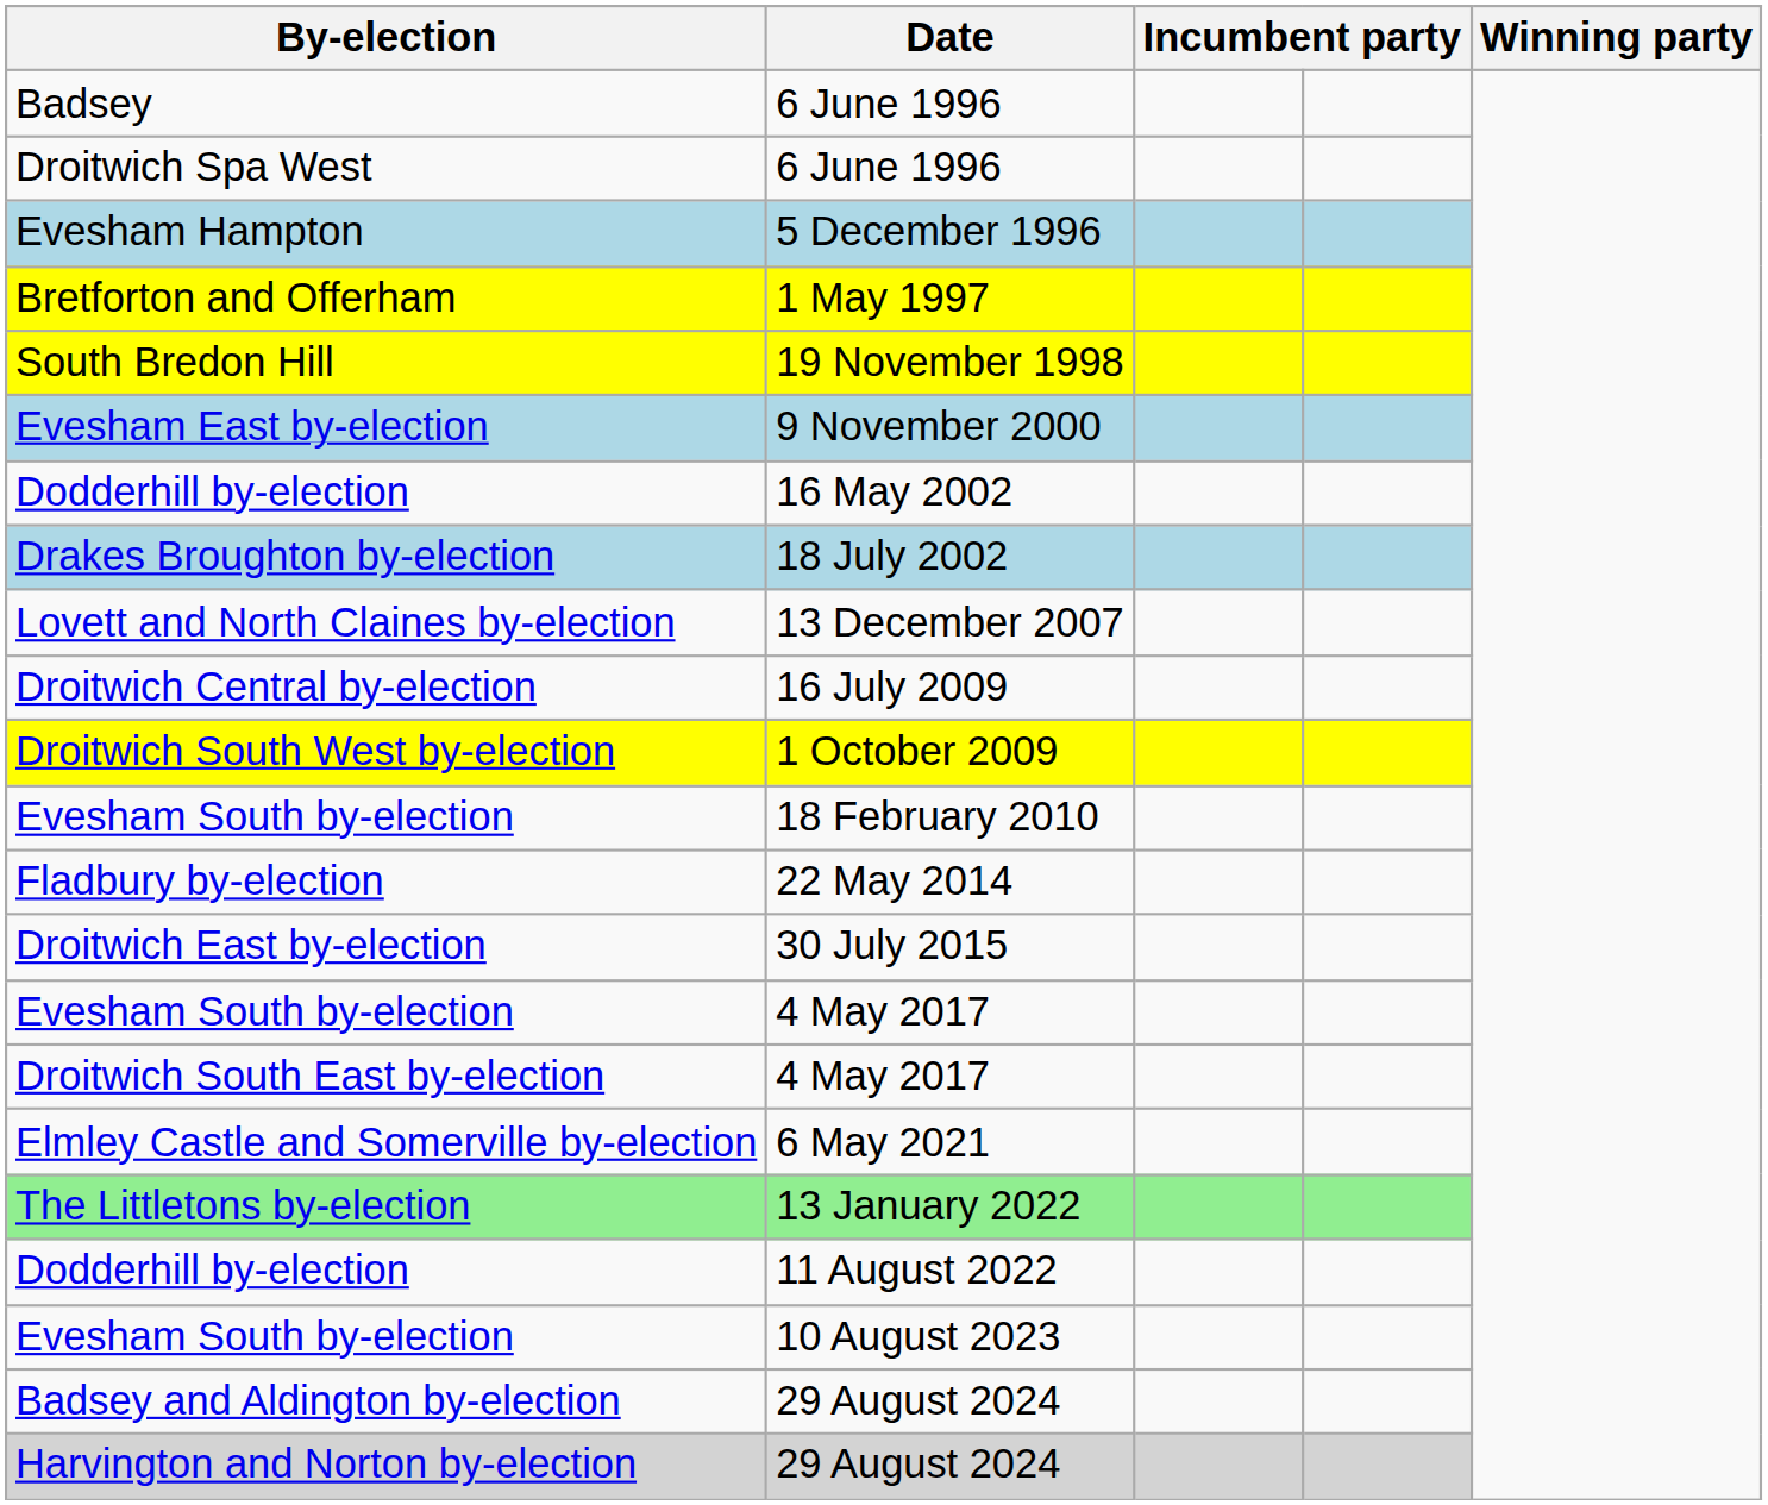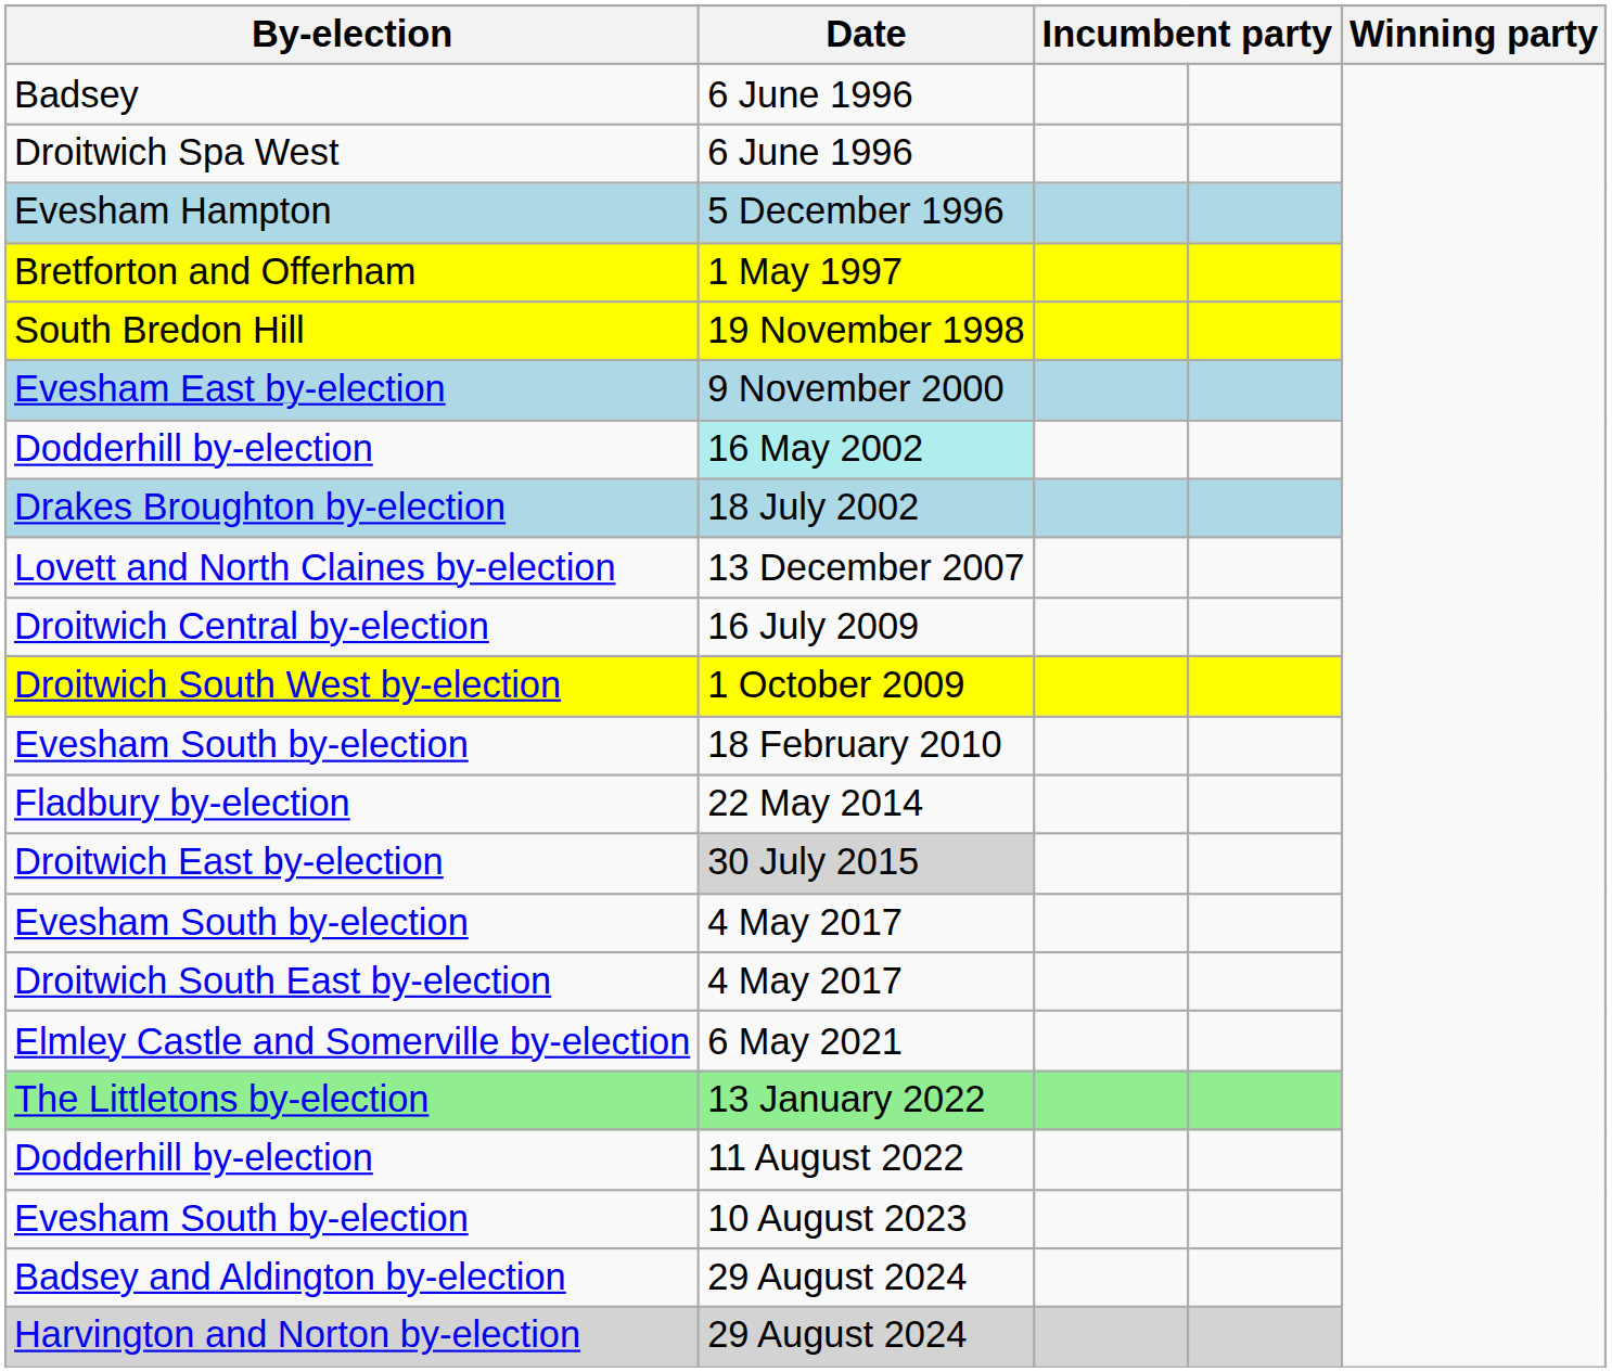 <table class="wikitable">
 <tr>
 <th>By-election</th>
 <th>Date</th>
 <th colspan=2>Incumbent party</th>
 <th colspan=2>Winning party</th>
 </tr>
 <tr>
 <td>Badsey</td>
 <td>6 June 1996</td>
 <td></td>
 <td></td>
 </tr>
 <tr>
 <td>Droitwich Spa West</td>
 <td>6 June 1996</td>
 <td></td>
 <td></td>
 </tr>
 <tr bgcolor=lightblue>
 <td>Evesham Hampton</td>
 <td>5 December 1996</td>
 <td></td>
 <td></td>
 </tr>
 <tr bgcolor=yellow>
 <td>Bretforton and Offerham</td>
 <td>1 May 1997</td>
 <td></td>
 <td></td>
 </tr>
 <tr bgcolor=yellow>
 <td>South Bredon Hill</td>
 <td>19 November 1998</td>
 <td></td>
 <td></td>
 </tr>
 <tr bgcolor=lightblue>
 <td><a href='#'>Evesham East by-election</a></td>
 <td>9 November 2000</td>
 <td></td>
 <td></td>
 </tr>
 <tr>
 <td><a href='#'>Dodderhill by-election</a></td>
-<td>16 May 2002</td>
+<td style="background: paleturquoise;">16 May 2002</td>
 <td></td>
 <td></td>
 </tr>
 <tr bgcolor=lightblue>
 <td><a href='#'>Drakes Broughton by-election</a></td>
 <td>18 July 2002</td>
 <td></td>
 <td></td>
 </tr>
 <tr>
 <td><a href='#'>Lovett and North Claines by-election</a></td>
 <td>13 December 2007</td>
 <td></td>
 <td></td>
 </tr>
 <tr>
 <td><a href='#'>Droitwich Central by-election</a></td>
 <td>16 July 2009</td>
 <td></td>
 <td></td>
 </tr>
 <tr bgcolor=yellow>
 <td><a href='#'>Droitwich South West by-election</a></td>
 <td>1 October 2009</td>
 <td></td>
 <td></td>
 </tr>
 <tr>
 <td><a href='#'>Evesham South by-election</a></td>
 <td>18 February 2010</td>
 <td></td>
 <td></td>
 </tr>
 <tr>
 <td><a href='#'>Fladbury by-election</a></td>
 <td>22 May 2014</td>
 <td></td>
 <td></td>
 </tr>
 <tr>
 <td><a href='#'>Droitwich East by-election</a></td>
-<td>30 July 2015</td>
+<td style="background: lightgrey;">30 July 2015</td>
 <td></td>
 <td></td>
 </tr>
 <tr>
 <td><a href='#'>Evesham South by-election</a></td>
 <td>4 May 2017</td>
 <td></td>
 <td></td>
 </tr>
 <tr>
 <td><a href='#'>Droitwich South East by-election</a></td>
 <td>4 May 2017</td>
 <td></td>
 <td></td>
 </tr>
 <tr>
 <td><a href='#'>Elmley Castle and Somerville by-election</a></td>
 <td>6 May 2021</td>
 <td></td>
 <td></td>
 </tr>
 <tr bgcolor=lightgreen>
 <td><a href='#'>The Littletons by-election</a></td>
 <td>13 January 2022</td>
 <td></td>
 <td></td>
 </tr>
 <tr>
 <td><a href='#'>Dodderhill by-election</a></td>
 <td>11 August 2022</td>
 <td></td>
 <td></td>
 </tr>
 <tr>
 <td><a href='#'>Evesham South by-election</a></td>
 <td>10 August 2023</td>
 <td></td>
 <td></td>
 </tr>
 <tr>
 <td><a href='#'>Badsey and Aldington by-election</a></td>
 <td>29 August 2024</td>
 <td></td>
 <td></td>
 </tr>
 <tr bgcolor=lightgrey>
 <td><a href='#'>Harvington and Norton by-election</a></td>
 <td>29 August 2024</td>
 <td></td>
 <td></td>
 </tr>
 </table>
